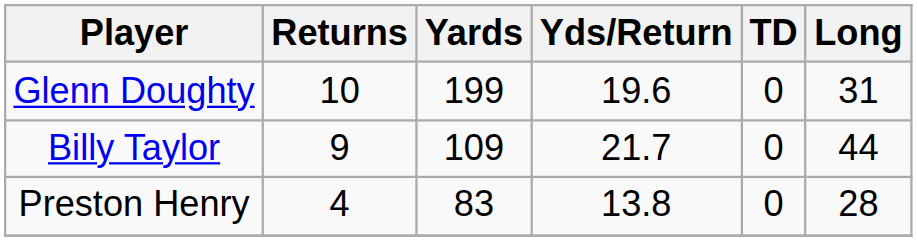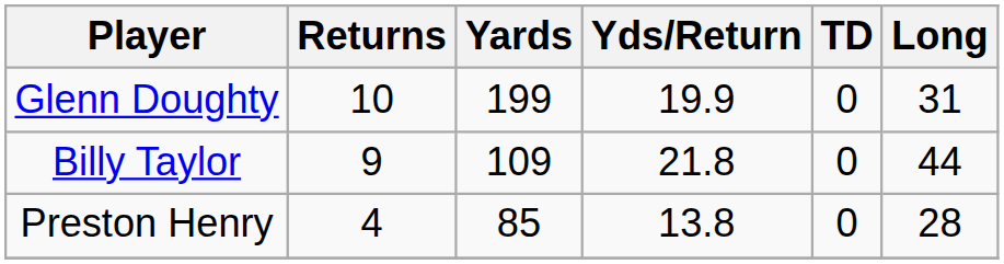 <table class="wikitable" style="text-align:center">
 <tr>
 <th>Player</th>
 <th>Returns</th>
 <th>Yards</th>
 <th>Yds/Return</th>
 <th>TD</th>
 <th>Long</th>
 </tr>
 <tr>
 <td><a href='#'>Glenn Doughty</a></td>
 <td>10</td>
 <td>199</td>
-<td>19.6</td>
+<td>19.9</td>
 <td>0</td>
 <td>31</td>
 </tr>
 <tr>
 <td><a href='#'>Billy Taylor</a></td>
 <td>9</td>
 <td>109</td>
-<td>21.7</td>
+<td>21.8</td>
 <td>0</td>
 <td>44</td>
 </tr>
 <tr>
 <td>Preston Henry</td>
 <td>4</td>
-<td>83</td>
+<td>85</td>
 <td>13.8</td>
 <td>0</td>
 <td>28</td>
 </tr>
 <tr>
 </tr>
 </table>
